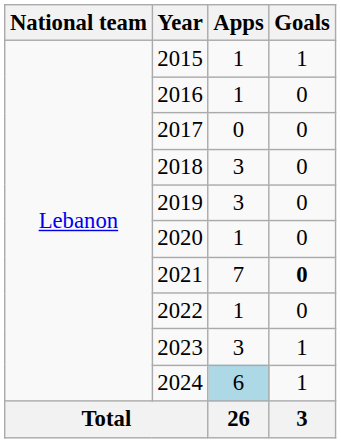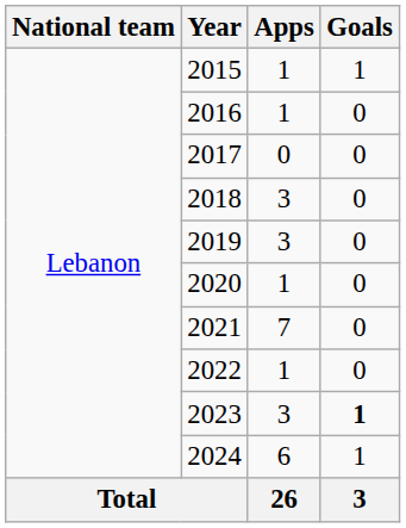 <table class="wikitable" style="text-align:center">
 <tr>
 <th>National team</th>
 <th>Year</th>
 <th>Apps</th>
 <th>Goals</th>
 </tr>
 <tr>
 <td rowspan="10"><a href='#'>Lebanon</a></td>
 <td>2015</td>
 <td>1</td>
 <td>1</td>
 </tr>
 <tr>
 <td>2016</td>
 <td>1</td>
 <td>0</td>
 </tr>
 <tr>
 <td>2017</td>
 <td>0</td>
 <td>0</td>
 </tr>
 <tr>
 <td>2018</td>
 <td>3</td>
 <td>0</td>
 </tr>
 <tr>
 <td>2019</td>
 <td>3</td>
 <td>0</td>
 </tr>
 <tr>
 <td>2020</td>
 <td>1</td>
 <td>0</td>
 </tr>
 <tr>
 <td>2021</td>
 <td>7</td>
-<td><strong>0</strong></td>
+<td>0</td>
 </tr>
 <tr>
 <td>2022</td>
 <td>1</td>
 <td>0</td>
 </tr>
 <tr>
 <td>2023</td>
 <td>3</td>
-<td>1</td>
+<td><strong>1</strong></td>
 </tr>
 <tr>
 <td>2024</td>
-<td style="background: lightblue;">6</td>
+<td>6</td>
 <td>1</td>
 </tr>
 <tr>
 <th colspan="2">Total</th>
 <th>26</th>
 <th>3</th>
 </tr>
 </table>
